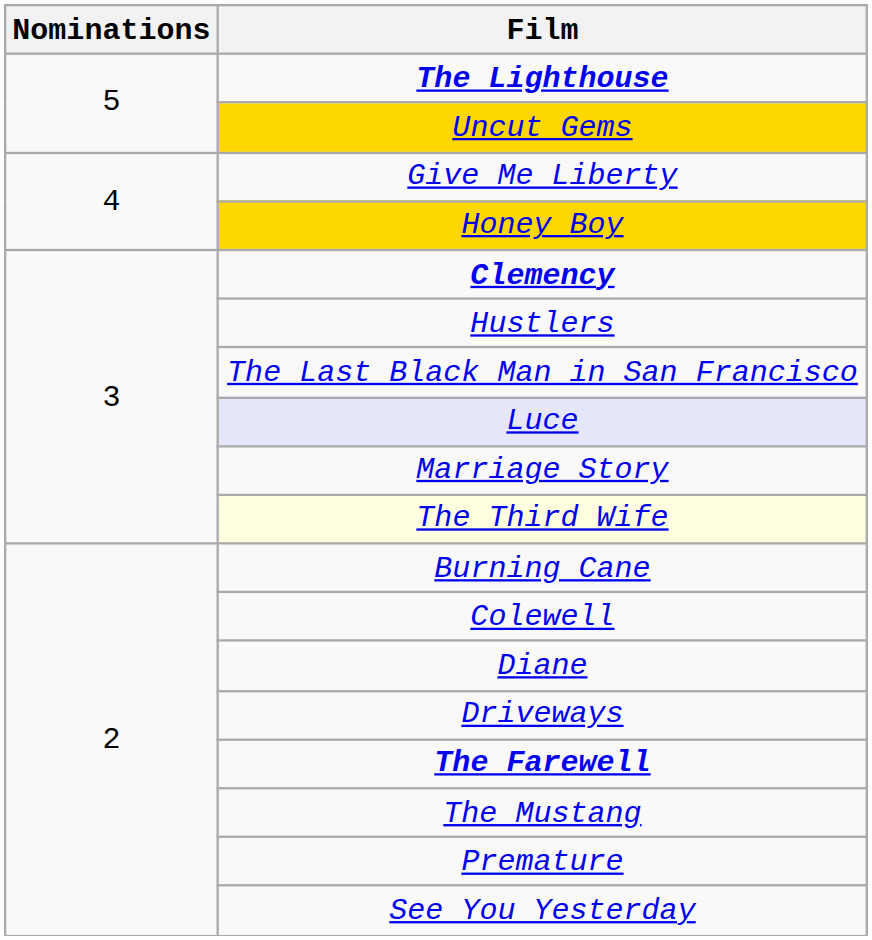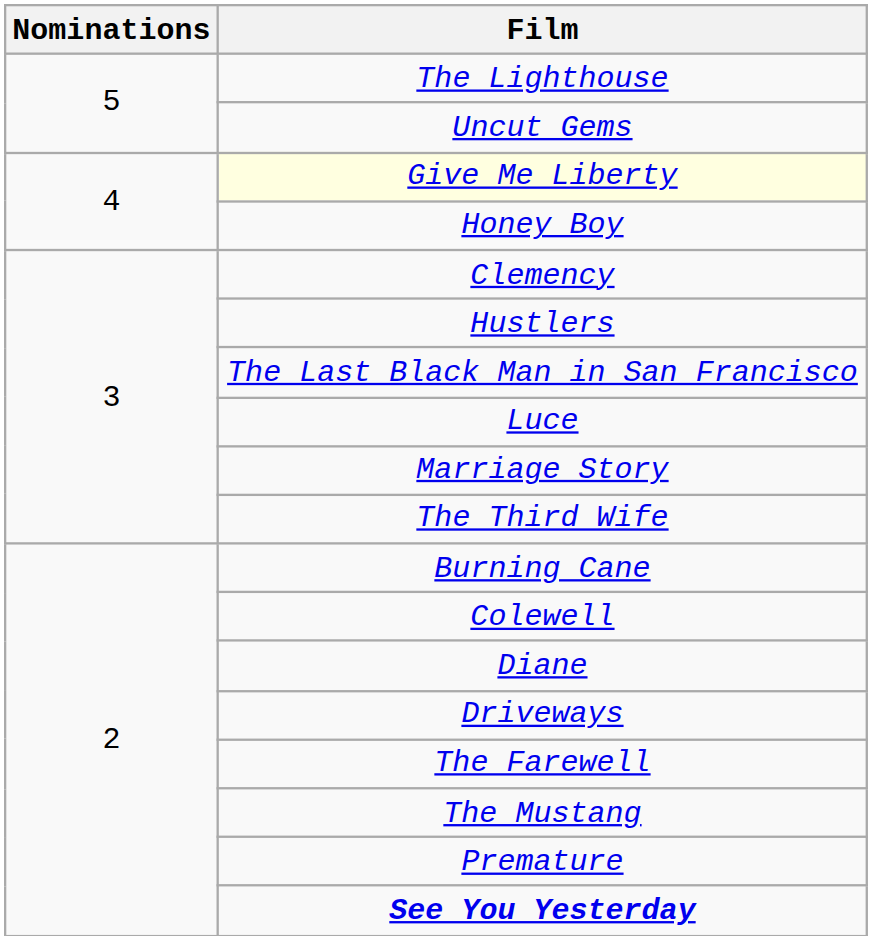 <table class="wikitable" rowspan=2 border=2 style="text-align:center;">
 <tr>
 <th scope="col" width="50">Nominations</th>
 <th scope="col" width="275">Film</th>
 </tr>
 <tr>
 <td rowspan=2 style="text-align:center;">5</td>
-<td><strong><em><a href='#'>The Lighthouse</a></em></strong></td>
+<td><em><a href='#'>The Lighthouse</a></em></td>
 </tr>
 <tr>
-<td style="background: gold;"><em><a href='#'>Uncut Gems</a></em></td>
+<td><em><a href='#'>Uncut Gems</a></em></td>
 </tr>
 <tr>
 <td rowspan=2 style="text-align:center;">4</td>
-<td><em><a href='#'>Give Me Liberty</a></em></td>
+<td style="background: lightyellow;"><em><a href='#'>Give Me Liberty</a></em></td>
 </tr>
 <tr>
-<td style="background: gold;"><em><a href='#'>Honey Boy</a></em></td>
+<td><em><a href='#'>Honey Boy</a></em></td>
 </tr>
 <tr>
 <td rowspan=6 style="text-align:center;">3</td>
-<td><strong><em><a href='#'>Clemency</a></em></strong></td>
+<td><em><a href='#'>Clemency</a></em></td>
 </tr>
 <tr>
 <td><em><a href='#'>Hustlers</a></em></td>
 </tr>
 <tr>
 <td><em><a href='#'>The Last Black Man in San Francisco</a></em></td>
 </tr>
 <tr>
-<td style="background: lavender;"><em><a href='#'>Luce</a></em></td>
+<td><em><a href='#'>Luce</a></em></td>
 </tr>
 <tr>
 <td><em><a href='#'>Marriage Story</a></em></td>
 </tr>
 <tr>
-<td style="background: lightyellow;"><em><a href='#'>The Third Wife</a></em></td>
+<td><em><a href='#'>The Third Wife</a></em></td>
 </tr>
 <tr>
 <td rowspan=8 style="text-align:center;">2</td>
 <td><em><a href='#'>Burning Cane</a></em></td>
 </tr>
 <tr>
 <td><em><a href='#'>Colewell</a></em></td>
 </tr>
 <tr>
 <td><em><a href='#'>Diane</a></em></td>
 </tr>
 <tr>
 <td><em><a href='#'>Driveways</a></em></td>
 </tr>
 <tr>
-<td><strong><em><a href='#'>The Farewell</a></em></strong></td>
+<td><em><a href='#'>The Farewell</a></em></td>
 </tr>
 <tr>
 <td><em><a href='#'>The Mustang</a></em></td>
 </tr>
 <tr>
 <td><em><a href='#'>Premature</a></em></td>
 </tr>
 <tr>
-<td><em><a href='#'>See You Yesterday</a></em></td>
+<td><strong><em><a href='#'>See You Yesterday</a></em></strong></td>
 </tr>
 </table>
